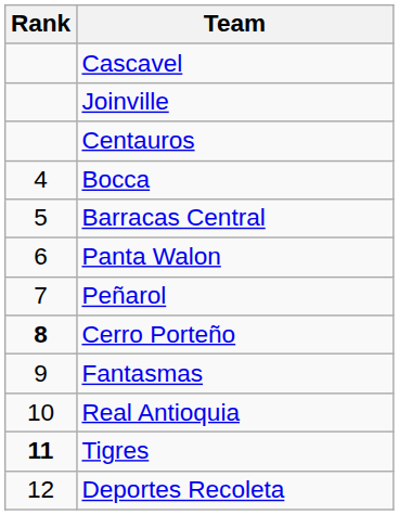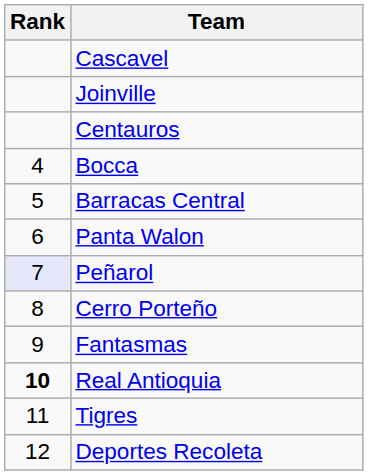 <table class="wikitable col2-left" style="text-align:center">
 <tr>
 <th width=30>Rank</th>
 <th width=200>Team</th>
 </tr>
 <tr>
 <td></td>
 <td align="left"> <a href='#'>Cascavel</a></td>
 </tr>
 <tr>
 <td></td>
 <td align="left"> <a href='#'>Joinville</a></td>
 </tr>
 <tr>
 <td></td>
 <td align="left"> <a href='#'>Centauros</a></td>
 </tr>
 <tr>
 <td>4</td>
 <td align="left"> <a href='#'>Bocca</a></td>
 </tr>
 <tr>
 <td>5</td>
 <td align="left"> <a href='#'>Barracas Central</a></td>
 </tr>
 <tr>
 <td>6</td>
 <td align="left"> <a href='#'>Panta Walon</a></td>
 </tr>
 <tr>
-<td>7</td>
+<td style="background: lavender;">7</td>
 <td align="left"> <a href='#'>Peñarol</a></td>
 </tr>
 <tr>
-<td><strong>8</strong></td>
+<td>8</td>
 <td align="left"> <a href='#'>Cerro Porteño</a></td>
 </tr>
 <tr>
 <td>9</td>
 <td align="left"> <a href='#'>Fantasmas</a></td>
 </tr>
 <tr>
-<td>10</td>
+<td><strong>10</strong></td>
 <td align="left"> <a href='#'>Real Antioquia</a></td>
 </tr>
 <tr>
-<td><strong>11</strong></td>
+<td>11</td>
 <td align="left"> <a href='#'>Tigres</a></td>
 </tr>
 <tr>
 <td>12</td>
 <td align="left"> <a href='#'>Deportes Recoleta</a></td>
 </tr>
 </table>
